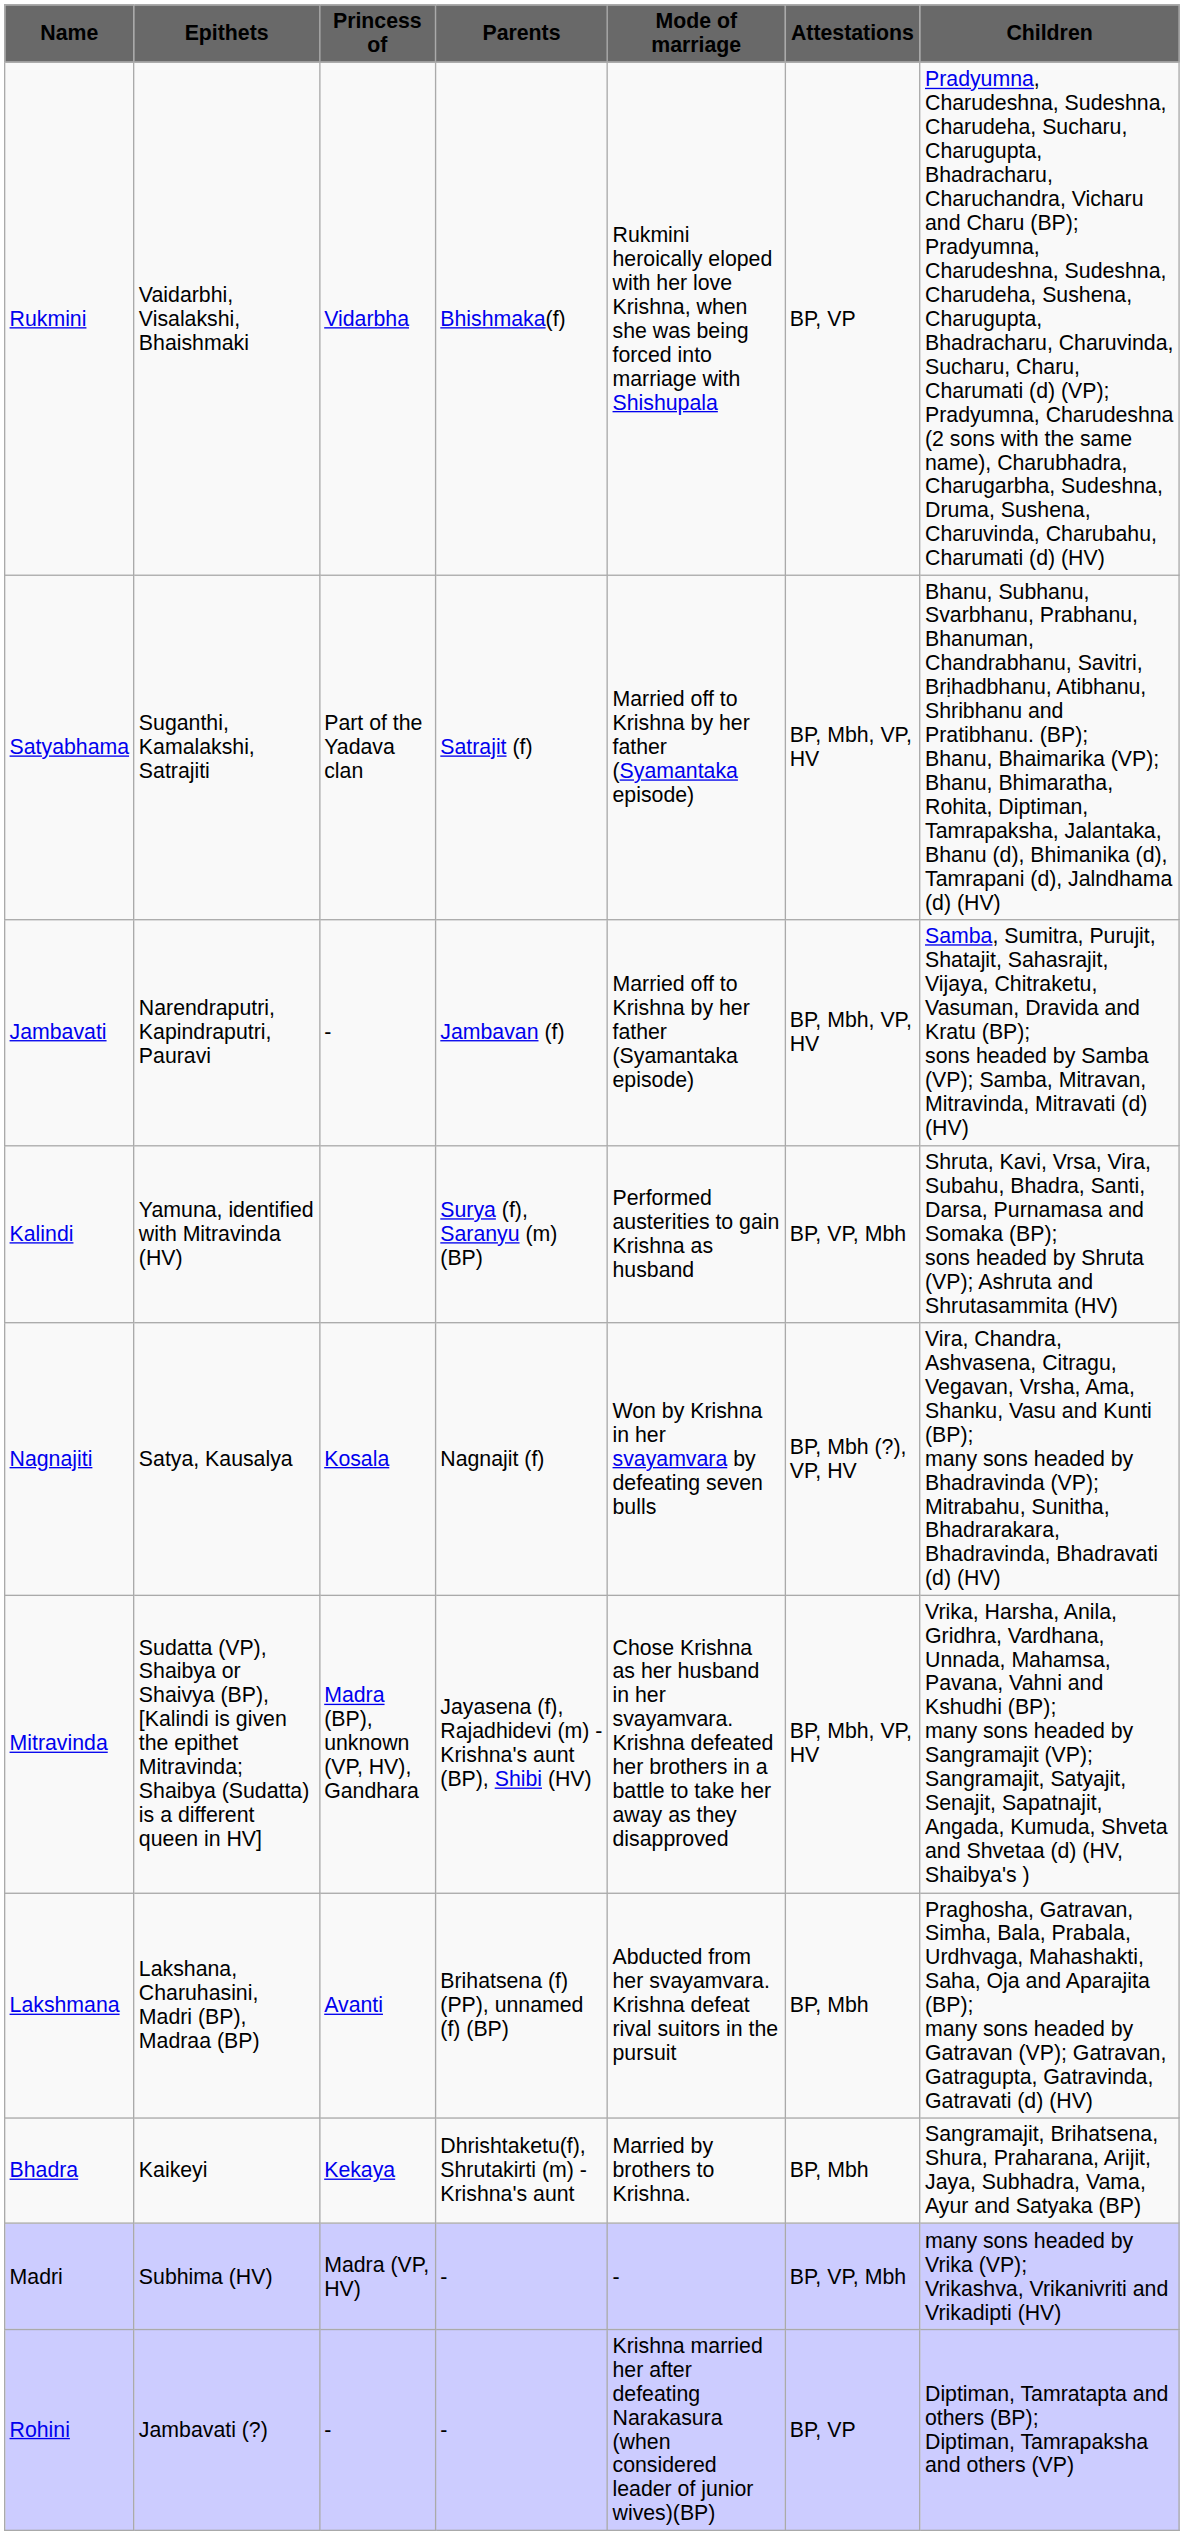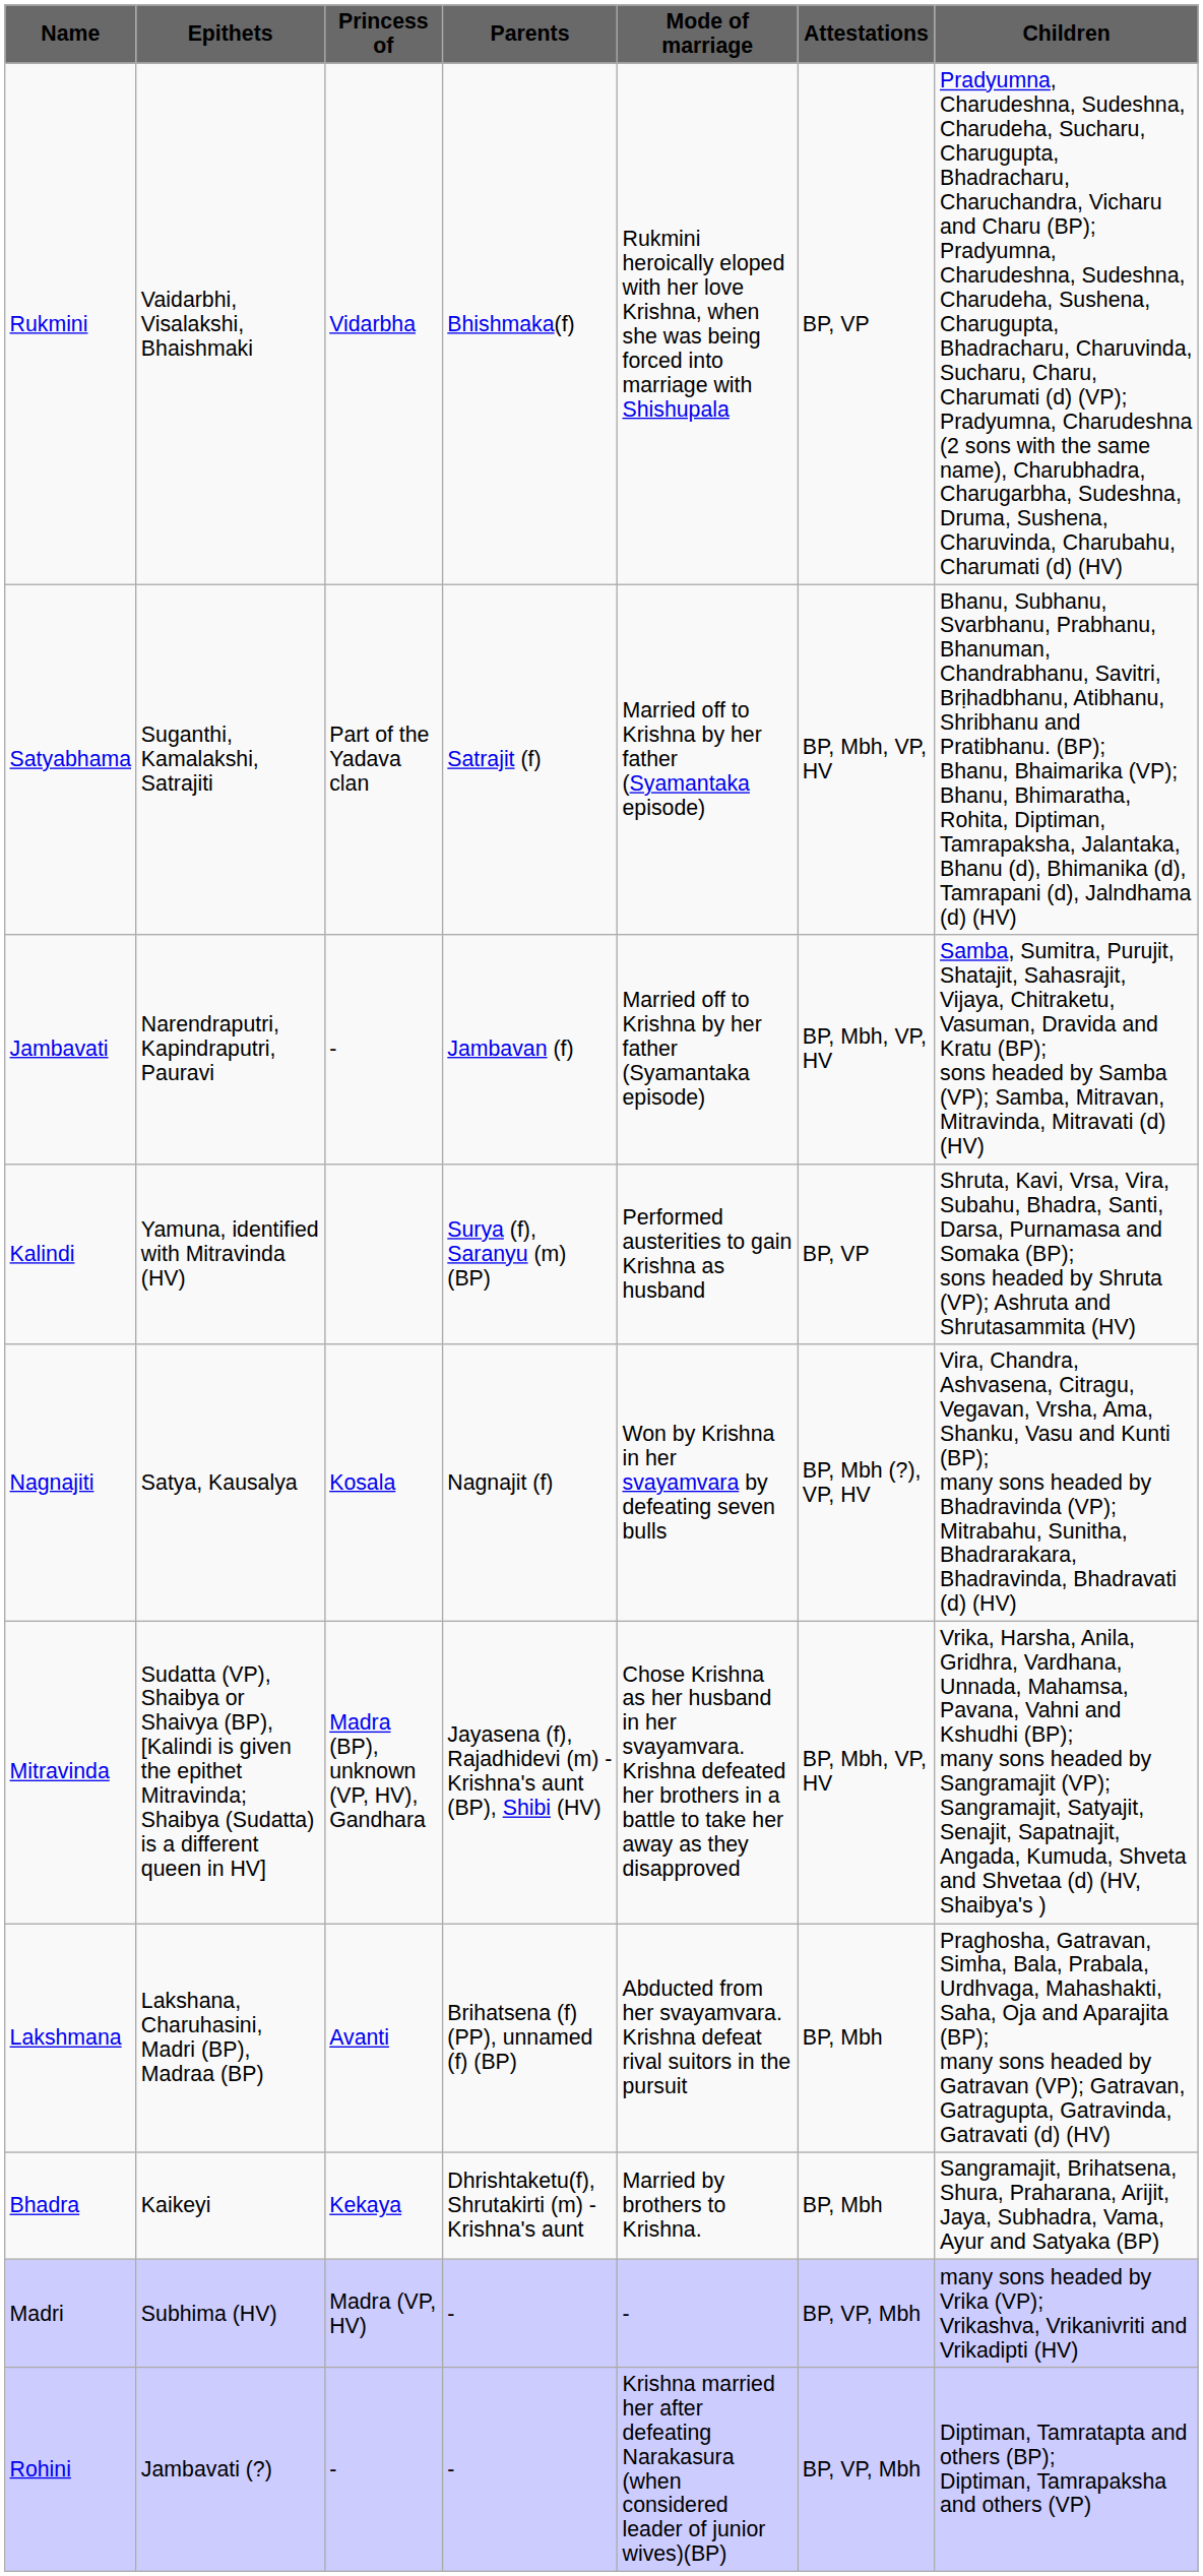 <table class="wikitable sortable" align="center" cellpadding="7" style="clear:both;" width="100%">
 <tr>
 <td align="center" style="background:#696969;"><strong>Name</strong></td>
 <td align="center" style="background:#696969;"><strong>Epithets</strong></td>
 <td align="center" style="background:#696969;"><strong>Princess of</strong></td>
 <td align="center" style="background:#696969;"><strong>Parents</strong></td>
 <td align="center" style="background:#696969;"><strong>Mode of marriage</strong></td>
 <td align="center" style="background:#696969;"><strong>Attestations</strong></td>
 <td align="center" style="background:#696969;"><strong>Children</strong></td>
 </tr>
 <tr>
 <td><a href='#'>Rukmini</a></td>
 <td>Vaidarbhi, Visalakshi, Bhaishmaki</td>
 <td><a href='#'>Vidarbha</a></td>
 <td><a href='#'>Bhishmaka</a>(f)</td>
 <td>Rukmini heroically eloped with her love Krishna, when she was being forced into marriage with <a href='#'>Shishupala</a></td>
 <td>BP, VP</td>
 <td><a href='#'>Pradyumna</a>, Charudeshna, Sudeshna, Charudeha, Sucharu, Charugupta, Bhadracharu, Charuchandra, Vicharu and Charu (BP);<br>Pradyumna, Charudeshna, Sudeshna, Charudeha, Sushena, Charugupta, Bhadracharu, Charuvinda, Sucharu, Charu, Charumati (d) (VP); Pradyumna, Charudeshna (2 sons with the same name), Charubhadra, Charugarbha, Sudeshna, Druma, Sushena, Charuvinda, Charubahu, Charumati (d) (HV)</td>
 </tr>
 <tr>
 <td><a href='#'>Satyabhama</a></td>
 <td>Suganthi, Kamalakshi, Satrajiti</td>
 <td>Part of the Yadava clan</td>
 <td><a href='#'>Satrajit</a> (f)</td>
 <td>Married off to Krishna by her father (<a href='#'>Syamantaka</a> episode)</td>
 <td>BP, Mbh, VP, HV</td>
 <td>Bhanu, Subhanu, Svarbhanu, Prabhanu, Bhanuman, Chandrabhanu, Savitri, Brịhadbhanu, Atibhanu, Shribhanu and Pratibhanu. (BP);<br>Bhanu, Bhaimarika (VP); Bhanu, Bhimaratha, Rohita, Diptiman, Tamrapaksha, Jalantaka, Bhanu (d), Bhimanika (d), Tamrapani (d), Jalndhama (d) (HV)</td>
 </tr>
 <tr>
 <td><a href='#'>Jambavati</a></td>
 <td>Narendraputri, Kapindraputri, Pauravi</td>
 <td>-</td>
 <td><a href='#'>Jambavan</a> (f)</td>
 <td>Married off to Krishna by her father (Syamantaka episode)</td>
 <td>BP, Mbh, VP, HV</td>
 <td><a href='#'>Samba</a>, Sumitra, Purujit, Shatajit, Sahasrajit, Vijaya, Chitraketu, Vasuman, Dravida and Kratu (BP);<br>sons headed by Samba  (VP); Samba, Mitravan, Mitravinda, Mitravati (d) (HV)</td>
 </tr>
 <tr>
 <td><a href='#'>Kalindi</a></td>
 <td>Yamuna, identified with Mitravinda (HV)</td>
 <td></td>
 <td><a href='#'>Surya</a> (f), <a href='#'>Saranyu</a> (m) (BP)</td>
 <td>Performed austerities to gain Krishna as husband</td>
-<td>BP, VP, Mbh</td>
+<td>BP, VP</td>
 <td>Shruta, Kavi, Vrsa, Vira, Subahu, Bhadra, Santi, Darsa, Purnamasa and Somaka (BP);<br>sons headed by Shruta (VP); Ashruta and Shrutasammita (HV)</td>
 </tr>
 <tr>
 <td><a href='#'>Nagnajiti</a></td>
 <td>Satya, Kausalya</td>
 <td><a href='#'>Kosala</a></td>
 <td>Nagnajit (f)</td>
 <td>Won by Krishna in her <a href='#'>svayamvara</a> by defeating seven bulls</td>
 <td>BP, Mbh (?), VP, HV</td>
 <td>Vira, Chandra, Ashvasena, Citragu, Vegavan, Vrsha, Ama, Shanku, Vasu and Kunti (BP);<br>many sons headed by Bhadravinda (VP); Mitrabahu, Sunitha, Bhadrarakara, Bhadravinda, Bhadravati (d) (HV)</td>
 </tr>
 <tr>
 <td><a href='#'>Mitravinda</a></td>
 <td>Sudatta (VP), Shaibya or Shaivya (BP), [Kalindi is given the epithet Mitravinda; Shaibya (Sudatta) is a different queen in HV]</td>
 <td><a href='#'>Madra</a> (BP), unknown (VP, HV), Gandhara</td>
 <td>Jayasena (f), Rajadhidevi (m) - Krishna's aunt (BP), <a href='#'>Shibi</a> (HV)</td>
 <td>Chose Krishna as her husband in her svayamvara. Krishna defeated her brothers in a battle to take her away as they disapproved</td>
 <td>BP, Mbh, VP, HV</td>
 <td>Vrika, Harsha, Anila, Gridhra, Vardhana, Unnada, Mahamsa, Pavana, Vahni and Kshudhi (BP);<br>many sons headed by Sangramajit (VP); Sangramajit, Satyajit, Senajit, Sapatnajit, Angada, Kumuda, Shveta and Shvetaa (d) (HV, Shaibya's )</td>
 </tr>
 <tr>
 <td><a href='#'>Lakshmana</a></td>
 <td>Lakshana, Charuhasini, Madri (BP), Madraa (BP)</td>
 <td><a href='#'>Avanti</a></td>
 <td>Brihatsena (f) (PP), unnamed (f) (BP)</td>
 <td>Abducted from her svayamvara. Krishna defeat rival suitors in the pursuit</td>
 <td>BP, Mbh</td>
 <td>Praghosha, Gatravan, Simha, Bala, Prabala, Urdhvaga, Mahashakti, Saha, Oja and Aparajita (BP);<br>many sons headed by Gatravan (VP); Gatravan, Gatragupta, Gatravinda, Gatravati (d) (HV)</td>
 </tr>
 <tr>
 <td><a href='#'>Bhadra</a></td>
 <td>Kaikeyi</td>
 <td><a href='#'>Kekaya</a></td>
 <td>Dhrishtaketu(f),  Shrutakirti (m) - Krishna's aunt</td>
 <td>Married by brothers to Krishna.</td>
 <td>BP, Mbh</td>
 <td>Sangramajit, Brihatsena, Shura, Praharana, Arijit, Jaya, Subhadra, Vama, Ayur and Satyaka (BP)</td>
 </tr>
 <tr style="background:#ccccff">
 <td>Madri</td>
 <td>Subhima (HV)</td>
 <td>Madra (VP, HV)</td>
 <td>-</td>
 <td>-</td>
 <td>BP, VP, Mbh</td>
 <td>many sons headed by Vrika (VP);<br>Vrikashva, Vrikanivriti and Vrikadipti (HV)</td>
 </tr>
 <tr style="background:#ccccff">
 <td><a href='#'>Rohini</a></td>
 <td>Jambavati (?)</td>
 <td>-</td>
 <td>-</td>
 <td>Krishna married her after defeating Narakasura (when considered leader of junior wives)(BP)</td>
-<td>BP, VP</td>
+<td>BP, VP, Mbh</td>
 <td>Diptiman, Tamratapta and others (BP);<br>Diptiman, Tamrapaksha and others (VP)</td>
 </tr>
 </table>
